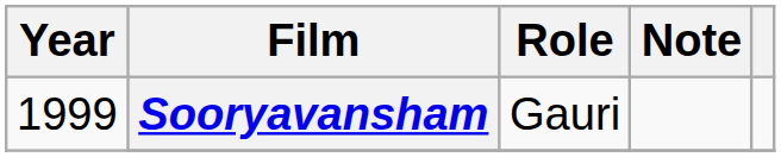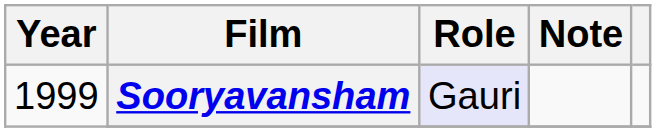 <table class="wikitable sortable">
 <tr>
 <th>Year</th>
 <th>Film</th>
 <th>Role</th>
 <th>Note</th>
 <th></th>
 </tr>
 <tr>
 <td rowspan="2">1999</td>
 <th scope="row"><em><a href='#'>Sooryavansham</a></em></th>
-<td>Gauri</td>
+<td style="background: lavender;">Gauri</td>
 <td></td>
 <td></td>
 </tr>
 <tr>
 </tr>
 </table>
